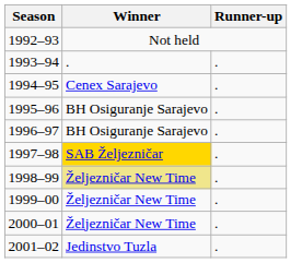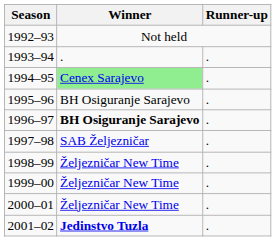 <table class="wikitable">
 <tr>
 <th>Season</th>
 <th>Winner</th>
 <th>Runner-up</th>
 </tr>
 <tr>
 <td>1992–93</td>
 <td colspan=2 rowspan=1 align=center>Not held</td>
 </tr>
 <tr>
 <td>1993–94</td>
 <td>.</td>
 <td>.</td>
 </tr>
 <tr>
 <td>1994–95</td>
-<td><a href='#'>Cenex Sarajevo</a></td>
+<td style="background: lightgreen;"><a href='#'>Cenex Sarajevo</a></td>
 <td>.</td>
 </tr>
 <tr>
 <td>1995–96</td>
 <td>BH Osiguranje Sarajevo</td>
 <td>.</td>
 </tr>
 <tr>
 <td>1996–97</td>
-<td>BH Osiguranje Sarajevo</td>
+<td><strong>BH Osiguranje Sarajevo</strong></td>
 <td>.</td>
 </tr>
 <tr>
 <td>1997–98</td>
-<td style="background: gold;"><a href='#'>SAB Željezničar</a></td>
+<td><a href='#'>SAB Željezničar</a></td>
 <td>.</td>
 </tr>
 <tr>
 <td>1998–99</td>
-<td style="background: khaki;"><a href='#'>Željezničar New Time</a></td>
+<td><a href='#'>Željezničar New Time</a></td>
 <td>.</td>
 </tr>
 <tr>
 <td>1999–00</td>
 <td><a href='#'>Željezničar New Time</a></td>
 <td>.</td>
 </tr>
 <tr>
 <td>2000–01</td>
 <td><a href='#'>Željezničar New Time</a></td>
 <td>.</td>
 </tr>
 <tr>
 <td>2001–02</td>
-<td><a href='#'>Jedinstvo Tuzla</a></td>
+<td><strong><a href='#'>Jedinstvo Tuzla</a></strong></td>
 <td>.</td>
 </tr>
 </table>
